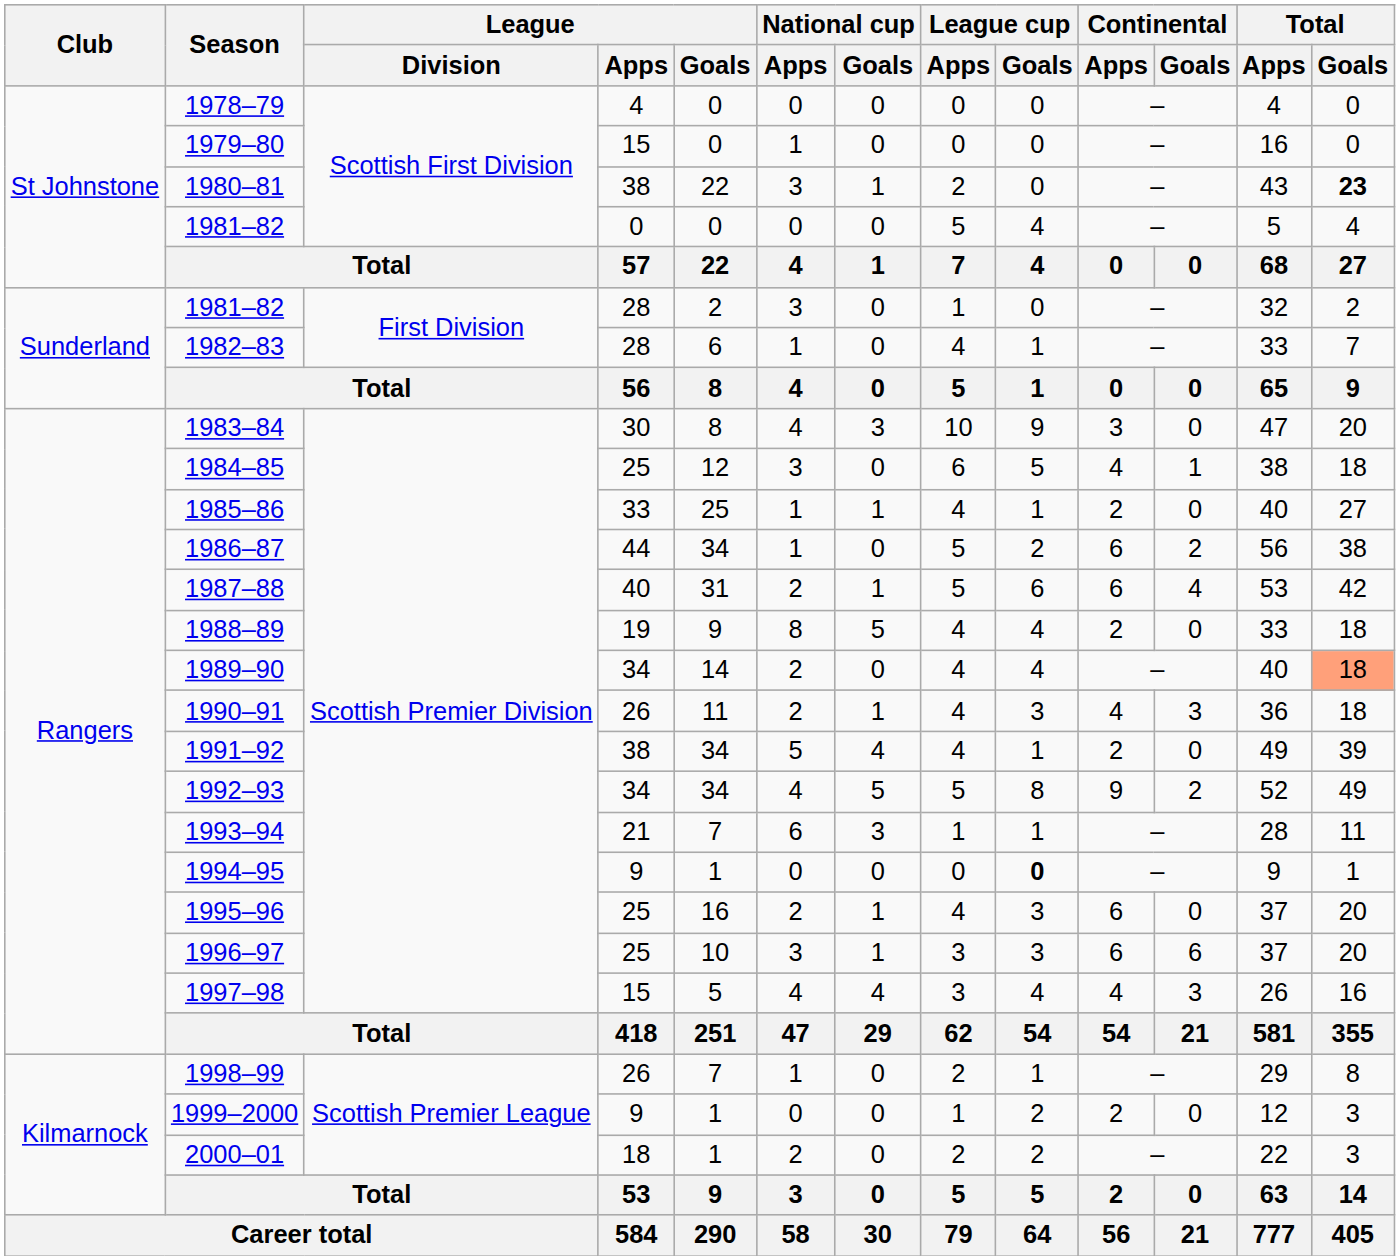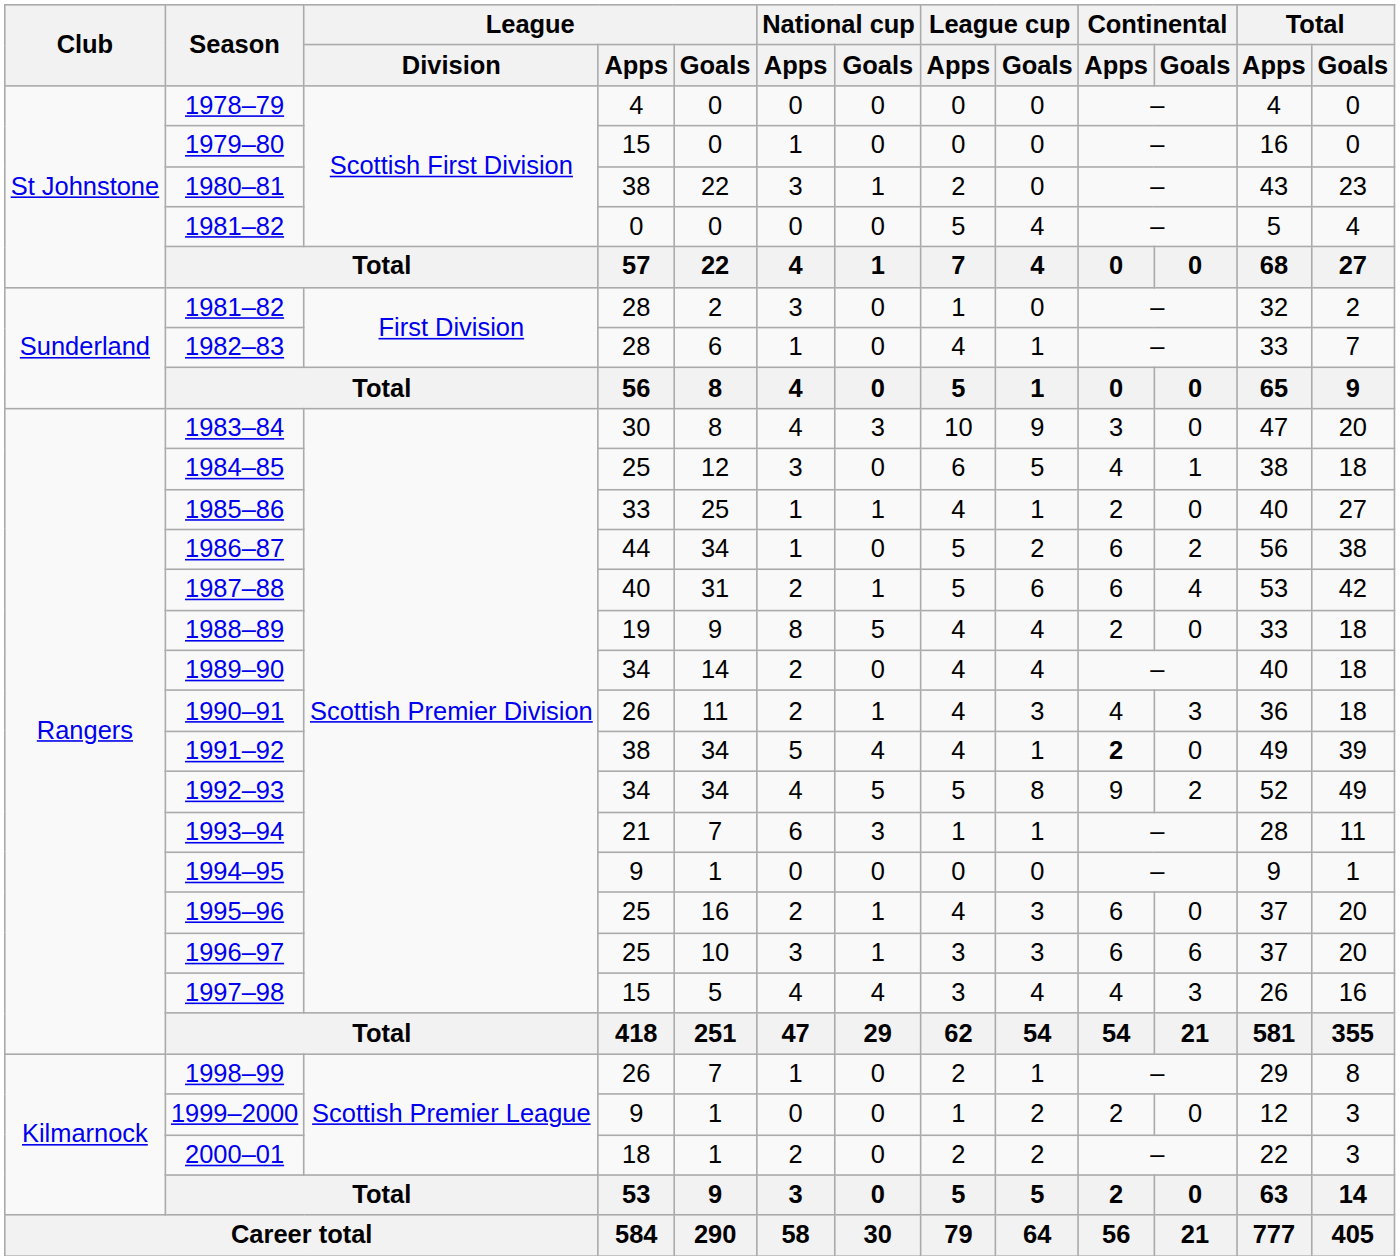 <table class="wikitable" style="text-align:center">
 <tr>
 <th rowspan="2">Club</th>
 <th rowspan="2">Season</th>
 <th colspan="3">League</th>
 <th colspan="2">National cup</th>
 <th colspan="2">League cup</th>
 <th colspan="2">Continental</th>
 <th colspan="2">Total</th>
 </tr>
 <tr>
 <th>Division</th>
 <th>Apps</th>
 <th>Goals</th>
 <th>Apps</th>
 <th>Goals</th>
 <th>Apps</th>
 <th>Goals</th>
 <th>Apps</th>
 <th>Goals</th>
 <th>Apps</th>
 <th>Goals</th>
 </tr>
 <tr>
 <td rowspan="5"><a href='#'>St Johnstone</a></td>
 <td><a href='#'>1978–79</a></td>
 <td rowspan="4"><a href='#'>Scottish First Division</a></td>
 <td>4</td>
 <td>0</td>
 <td>0</td>
 <td>0</td>
 <td>0</td>
 <td>0</td>
 <td colspan="2">–</td>
 <td>4</td>
 <td>0</td>
 </tr>
 <tr>
 <td><a href='#'>1979–80</a></td>
 <td>15</td>
 <td>0</td>
 <td>1</td>
 <td>0</td>
 <td>0</td>
 <td>0</td>
 <td colspan="2">–</td>
 <td>16</td>
 <td>0</td>
 </tr>
 <tr>
 <td><a href='#'>1980–81</a></td>
 <td>38</td>
 <td>22</td>
 <td>3</td>
 <td>1</td>
 <td>2</td>
 <td>0</td>
 <td colspan="2">–</td>
 <td>43</td>
-<td><strong>23</strong></td>
+<td>23</td>
 </tr>
 <tr>
 <td><a href='#'>1981–82</a></td>
 <td>0</td>
 <td>0</td>
 <td>0</td>
 <td>0</td>
 <td>5</td>
 <td>4</td>
 <td colspan="2">–</td>
 <td>5</td>
 <td>4</td>
 </tr>
 <tr>
 <th colspan="2">Total</th>
 <th>57</th>
 <th>22</th>
 <th>4</th>
 <th>1</th>
 <th>7</th>
 <th>4</th>
 <th>0</th>
 <th>0</th>
 <th>68</th>
 <th>27</th>
 </tr>
 <tr>
 <td rowspan="3"><a href='#'>Sunderland</a></td>
 <td><a href='#'>1981–82</a></td>
 <td rowspan="2"><a href='#'>First Division</a></td>
 <td>28</td>
 <td>2</td>
 <td>3</td>
 <td>0</td>
 <td>1</td>
 <td>0</td>
 <td colspan="2">–</td>
 <td>32</td>
 <td>2</td>
 </tr>
 <tr>
 <td><a href='#'>1982–83</a></td>
 <td>28</td>
 <td>6</td>
 <td>1</td>
 <td>0</td>
 <td>4</td>
 <td>1</td>
 <td colspan="2">–</td>
 <td>33</td>
 <td>7</td>
 </tr>
 <tr>
 <th colspan="2">Total</th>
 <th>56</th>
 <th>8</th>
 <th>4</th>
 <th>0</th>
 <th>5</th>
 <th>1</th>
 <th>0</th>
 <th>0</th>
 <th>65</th>
 <th>9</th>
 </tr>
 <tr>
 <td rowspan="16"><a href='#'>Rangers</a></td>
 <td><a href='#'>1983–84</a></td>
 <td rowspan="15"><a href='#'>Scottish Premier Division</a></td>
 <td>30</td>
 <td>8</td>
 <td>4</td>
 <td>3</td>
 <td>10</td>
 <td>9</td>
 <td>3</td>
 <td>0</td>
 <td>47</td>
 <td>20</td>
 </tr>
 <tr>
 <td><a href='#'>1984–85</a></td>
 <td>25</td>
 <td>12</td>
 <td>3</td>
 <td>0</td>
 <td>6</td>
 <td>5</td>
 <td>4</td>
 <td>1</td>
 <td>38</td>
 <td>18</td>
 </tr>
 <tr>
 <td><a href='#'>1985–86</a></td>
 <td>33</td>
 <td>25</td>
 <td>1</td>
 <td>1</td>
 <td>4</td>
 <td>1</td>
 <td>2</td>
 <td>0</td>
 <td>40</td>
 <td>27</td>
 </tr>
 <tr>
 <td><a href='#'>1986–87</a></td>
 <td>44</td>
 <td>34</td>
 <td>1</td>
 <td>0</td>
 <td>5</td>
 <td>2</td>
 <td>6</td>
 <td>2</td>
 <td>56</td>
 <td>38</td>
 </tr>
 <tr>
 <td><a href='#'>1987–88</a></td>
 <td>40</td>
 <td>31</td>
 <td>2</td>
 <td>1</td>
 <td>5</td>
 <td>6</td>
 <td>6</td>
 <td>4</td>
 <td>53</td>
 <td>42</td>
 </tr>
 <tr>
 <td><a href='#'>1988–89</a></td>
 <td>19</td>
 <td>9</td>
 <td>8</td>
 <td>5</td>
 <td>4</td>
 <td>4</td>
 <td>2</td>
 <td>0</td>
 <td>33</td>
 <td>18</td>
 </tr>
 <tr>
 <td><a href='#'>1989–90</a></td>
 <td>34</td>
 <td>14</td>
 <td>2</td>
 <td>0</td>
 <td>4</td>
 <td>4</td>
 <td colspan="2">–</td>
 <td>40</td>
-<td style="background: lightsalmon;">18</td>
+<td>18</td>
 </tr>
 <tr>
 <td><a href='#'>1990–91</a></td>
 <td>26</td>
 <td>11</td>
 <td>2</td>
 <td>1</td>
 <td>4</td>
 <td>3</td>
 <td>4</td>
 <td>3</td>
 <td>36</td>
 <td>18</td>
 </tr>
 <tr>
 <td><a href='#'>1991–92</a></td>
 <td>38</td>
 <td>34</td>
 <td>5</td>
 <td>4</td>
 <td>4</td>
 <td>1</td>
-<td>2</td>
+<td><strong>2</strong></td>
 <td>0</td>
 <td>49</td>
 <td>39</td>
 </tr>
 <tr>
 <td><a href='#'>1992–93</a></td>
 <td>34</td>
 <td>34</td>
 <td>4</td>
 <td>5</td>
 <td>5</td>
 <td>8</td>
 <td>9</td>
 <td>2</td>
 <td>52</td>
 <td>49</td>
 </tr>
 <tr>
 <td><a href='#'>1993–94</a></td>
 <td>21</td>
 <td>7</td>
 <td>6</td>
 <td>3</td>
 <td>1</td>
 <td>1</td>
 <td colspan="2">–</td>
 <td>28</td>
 <td>11</td>
 </tr>
 <tr>
 <td><a href='#'>1994–95</a></td>
 <td>9</td>
 <td>1</td>
 <td>0</td>
 <td>0</td>
 <td>0</td>
-<td><strong>0</strong></td>
+<td>0</td>
 <td colspan="2">–</td>
 <td>9</td>
 <td>1</td>
 </tr>
 <tr>
 <td><a href='#'>1995–96</a></td>
 <td>25</td>
 <td>16</td>
 <td>2</td>
 <td>1</td>
 <td>4</td>
 <td>3</td>
 <td>6</td>
 <td>0</td>
 <td>37</td>
 <td>20</td>
 </tr>
 <tr>
 <td><a href='#'>1996–97</a></td>
 <td>25</td>
 <td>10</td>
 <td>3</td>
 <td>1</td>
 <td>3</td>
 <td>3</td>
 <td>6</td>
 <td>6</td>
 <td>37</td>
 <td>20</td>
 </tr>
 <tr>
 <td><a href='#'>1997–98</a></td>
 <td>15</td>
 <td>5</td>
 <td>4</td>
 <td>4</td>
 <td>3</td>
 <td>4</td>
 <td>4</td>
 <td>3</td>
 <td>26</td>
 <td>16</td>
 </tr>
 <tr>
 <th colspan="2">Total</th>
 <th>418</th>
 <th>251</th>
 <th>47</th>
 <th>29</th>
 <th>62</th>
 <th>54</th>
 <th>54</th>
 <th>21</th>
 <th>581</th>
 <th>355</th>
 </tr>
 <tr>
 <td rowspan="4"><a href='#'>Kilmarnock</a></td>
 <td><a href='#'>1998–99</a></td>
 <td rowspan="3"><a href='#'>Scottish Premier League</a></td>
 <td>26</td>
 <td>7</td>
 <td>1</td>
 <td>0</td>
 <td>2</td>
 <td>1</td>
 <td colspan="2">–</td>
 <td>29</td>
 <td>8</td>
 </tr>
 <tr>
 <td><a href='#'>1999–2000</a></td>
 <td>9</td>
 <td>1</td>
 <td>0</td>
 <td>0</td>
 <td>1</td>
 <td>2</td>
 <td>2</td>
 <td>0</td>
 <td>12</td>
 <td>3</td>
 </tr>
 <tr>
 <td><a href='#'>2000–01</a></td>
 <td>18</td>
 <td>1</td>
 <td>2</td>
 <td>0</td>
 <td>2</td>
 <td>2</td>
 <td colspan="2">–</td>
 <td>22</td>
 <td>3</td>
 </tr>
 <tr>
 <th colspan="2">Total</th>
 <th>53</th>
 <th>9</th>
 <th>3</th>
 <th>0</th>
 <th>5</th>
 <th>5</th>
 <th>2</th>
 <th>0</th>
 <th>63</th>
 <th>14</th>
 </tr>
 <tr>
 <th colspan="3">Career total</th>
 <th>584</th>
 <th>290</th>
 <th>58</th>
 <th>30</th>
 <th>79</th>
 <th>64</th>
 <th>56</th>
 <th>21</th>
 <th>777</th>
 <th>405</th>
 </tr>
 </table>
